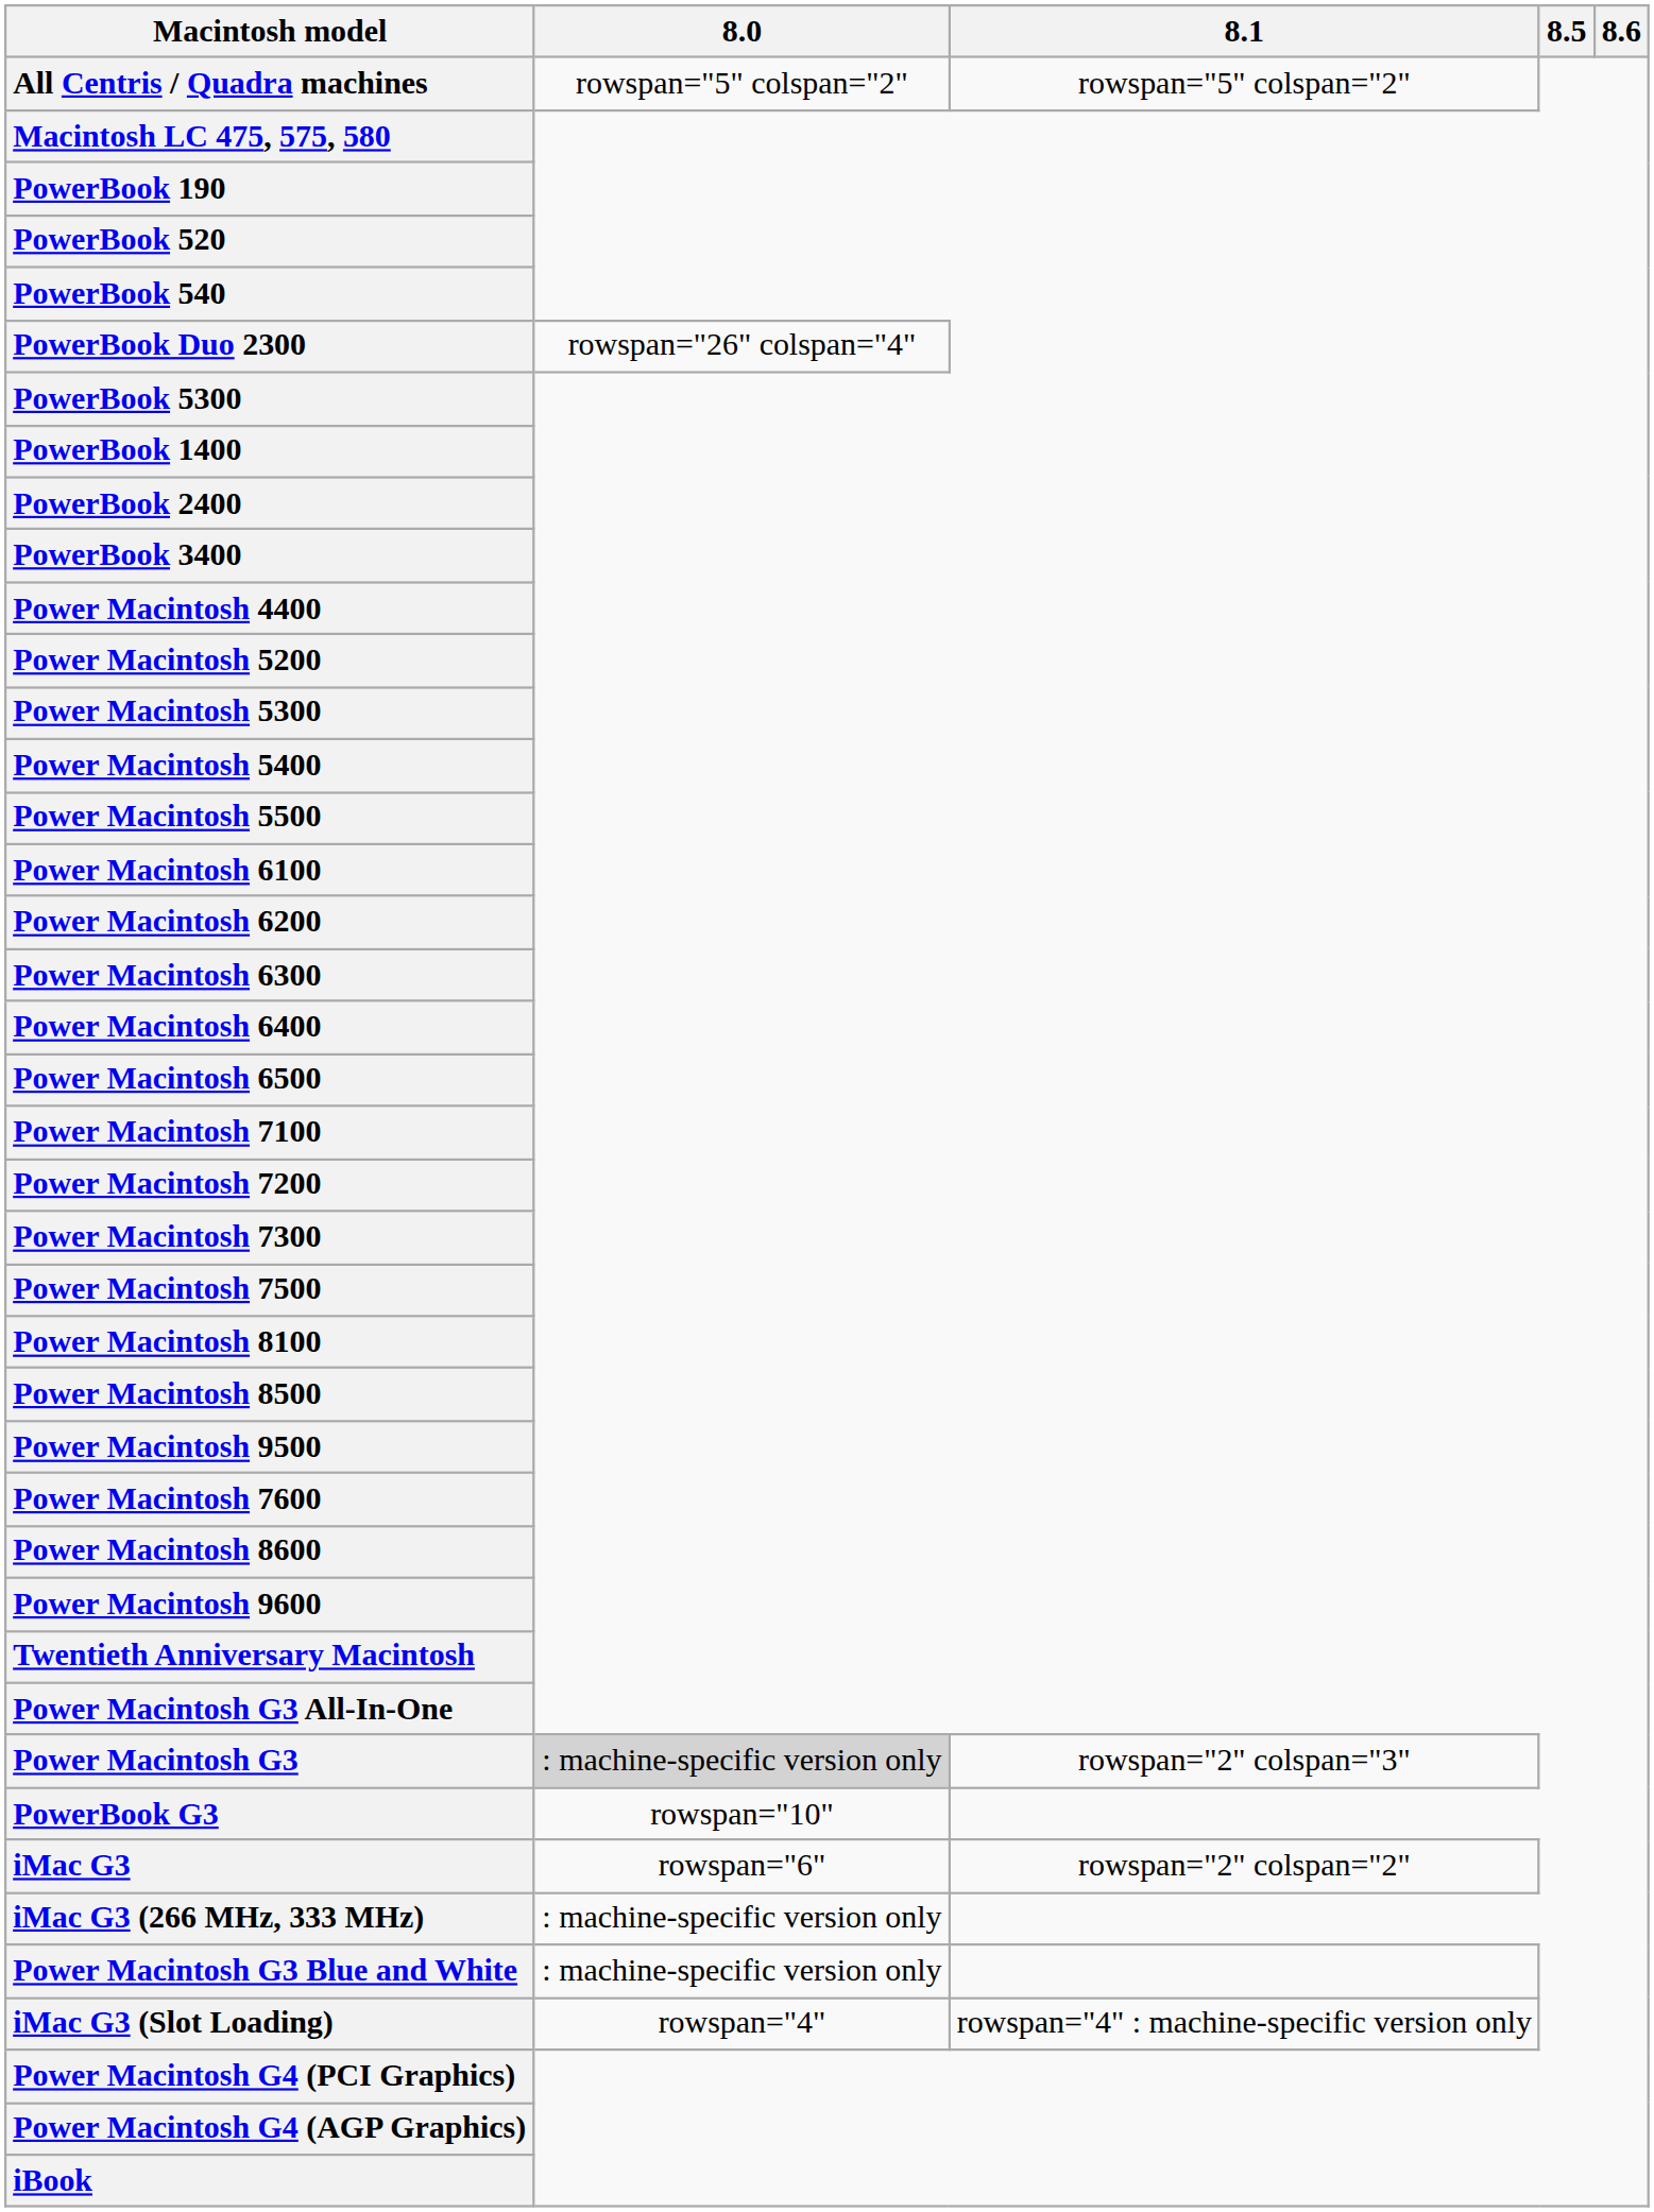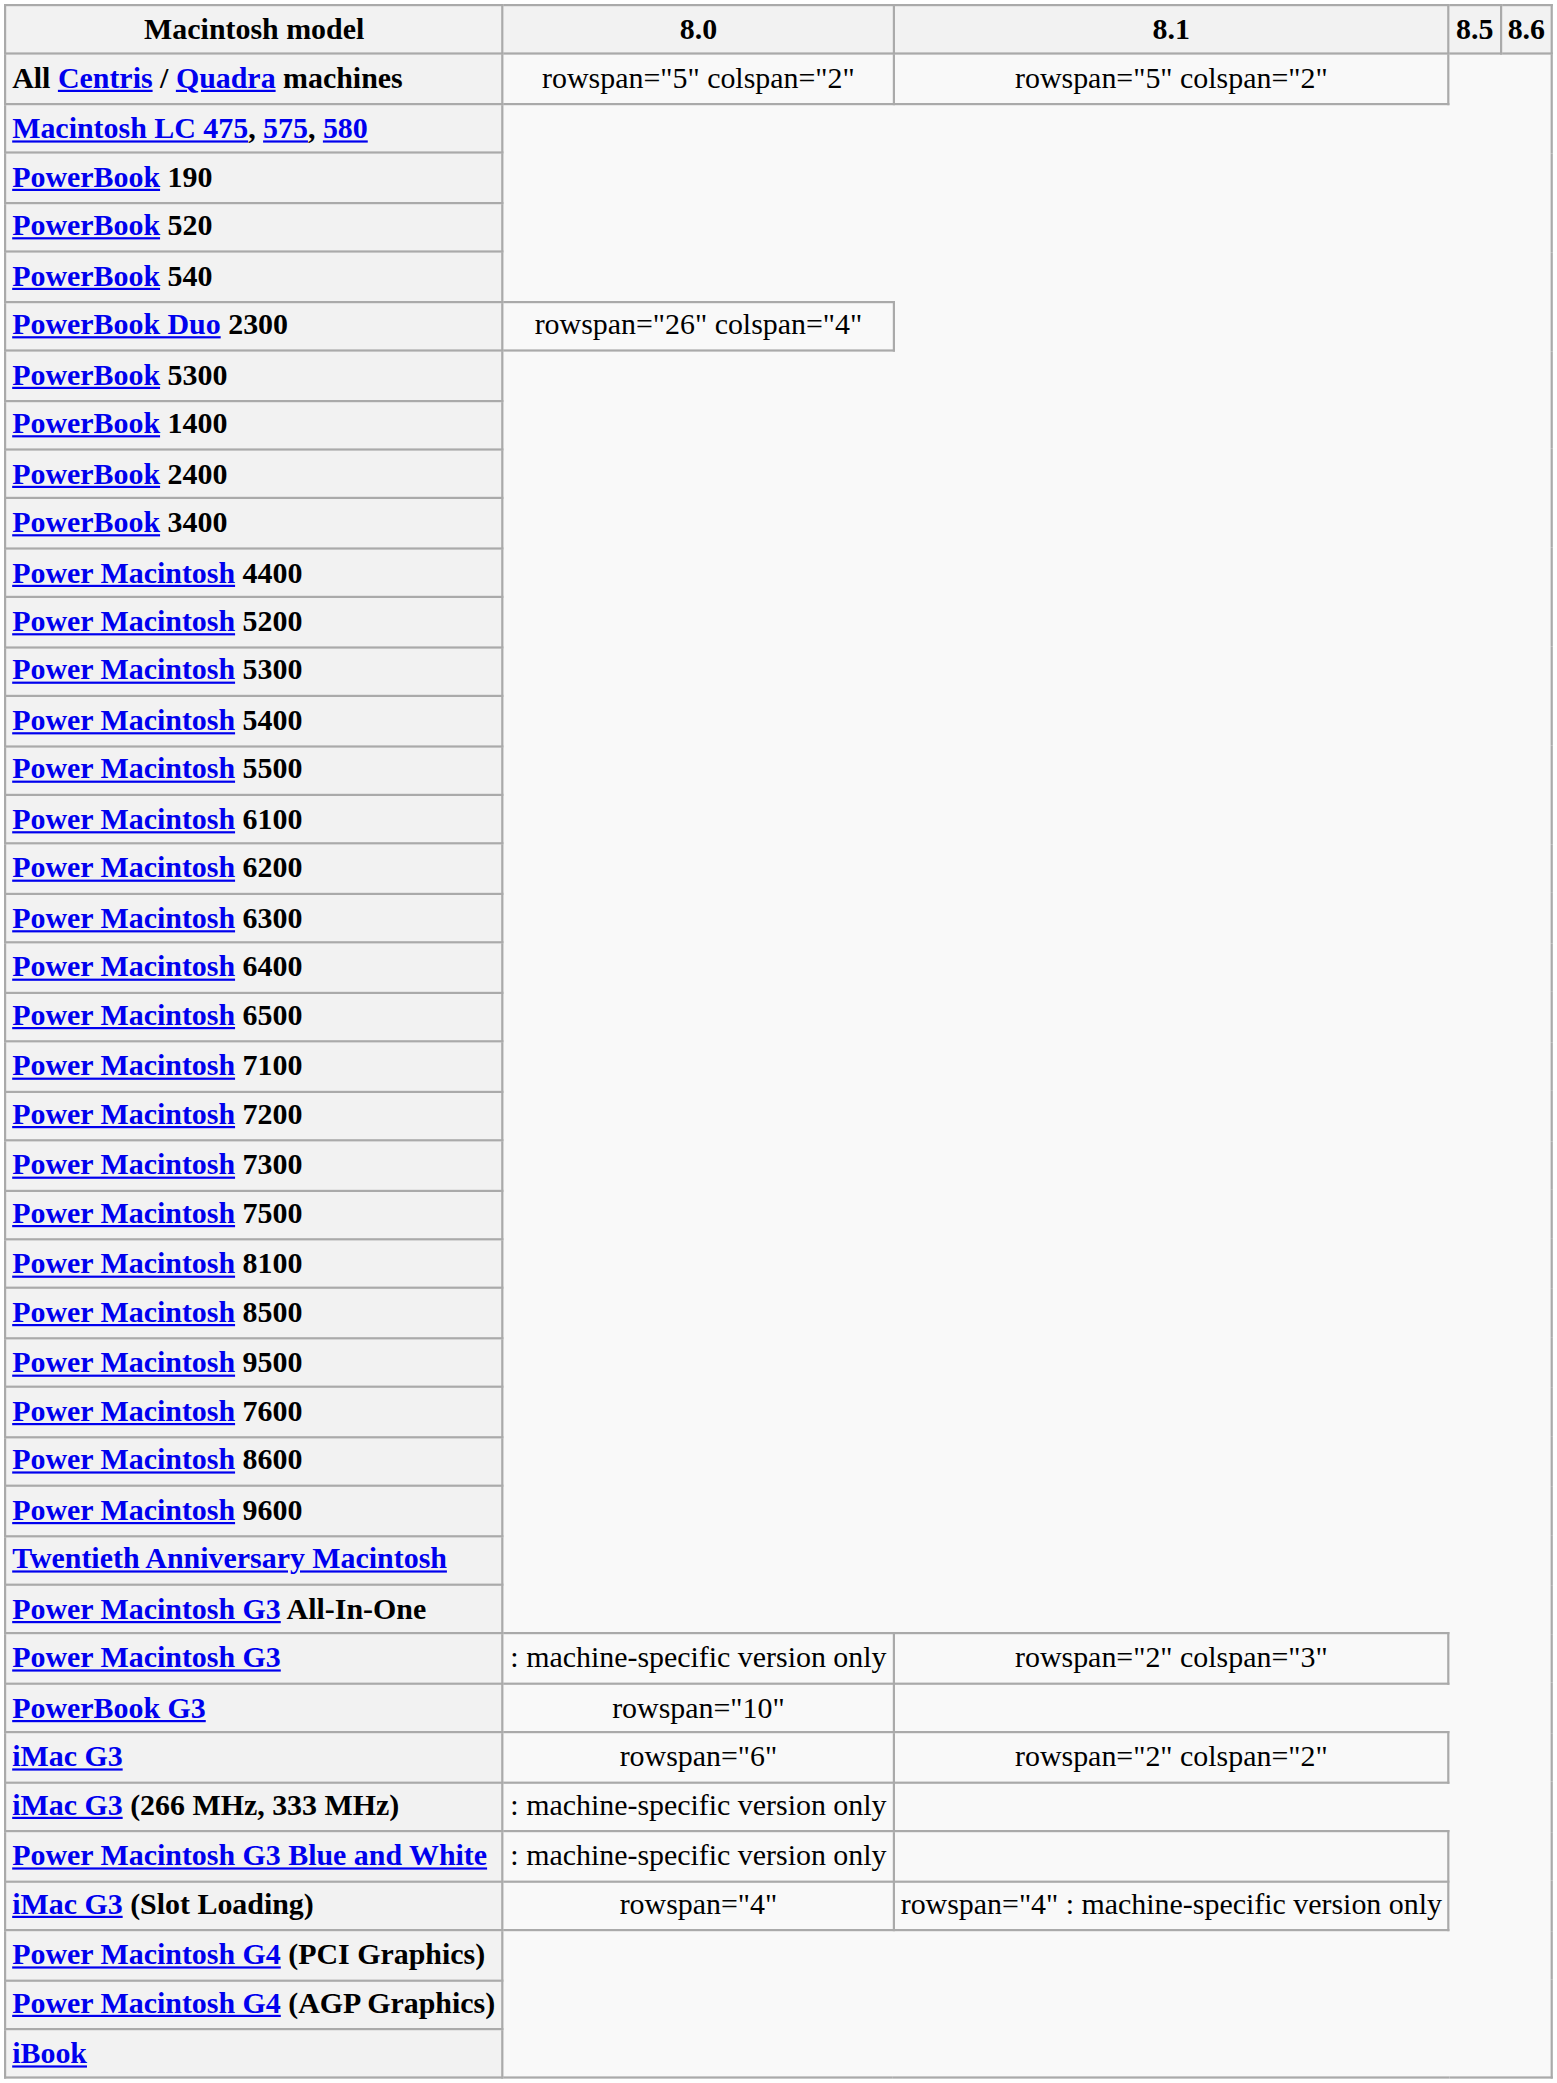 <table class="wikitable" style="font-size:85%; text-align:center;">
 <tr>
 <th style="width:220px">Macintosh model</th>
 <th>8.0</th>
 <th>8.1</th>
 <th>8.5</th>
 <th>8.6</th>
 </tr>
 <tr>
 <th style="text-align: left">All <a href='#'>Centris</a> / <a href='#'>Quadra</a> machines</th>
 <td>rowspan="5" colspan="2" </td>
 <td>rowspan="5" colspan="2" </td>
 </tr>
 <tr>
 <th style="text-align: left"><a href='#'>Macintosh LC 475</a>, <a href='#'>575</a>, <a href='#'>580</a></th>
 </tr>
 <tr>
 <th style="text-align: left"><a href='#'>PowerBook</a> 190</th>
 </tr>
 <tr>
 <th style="text-align: left"><a href='#'>PowerBook</a> 520</th>
 </tr>
 <tr>
 <th style="text-align: left"><a href='#'>PowerBook</a> 540</th>
 </tr>
 <tr>
 <th style="text-align: left"><a href='#'>PowerBook Duo</a> 2300</th>
 <td>rowspan="26" colspan="4" </td>
 </tr>
 <tr>
 <th style="text-align: left"><a href='#'>PowerBook</a> 5300</th>
 </tr>
 <tr>
 <th style="text-align: left"><a href='#'>PowerBook</a> 1400</th>
 </tr>
 <tr>
 <th style="text-align: left"><a href='#'>PowerBook</a> 2400</th>
 </tr>
 <tr>
 <th style="text-align: left"><a href='#'>PowerBook</a> 3400</th>
 </tr>
 <tr>
 <th style="text-align: left"><a href='#'>Power Macintosh</a> 4400</th>
 </tr>
 <tr>
 <th style="text-align: left"><a href='#'>Power Macintosh</a> 5200</th>
 </tr>
 <tr>
 <th style="text-align: left"><a href='#'>Power Macintosh</a> 5300</th>
 </tr>
 <tr>
 <th style="text-align: left"><a href='#'>Power Macintosh</a> 5400</th>
 </tr>
 <tr>
 <th style="text-align: left"><a href='#'>Power Macintosh</a> 5500</th>
 </tr>
 <tr>
 <th style="text-align: left"><a href='#'>Power Macintosh</a> 6100</th>
 </tr>
 <tr>
 <th style="text-align: left"><a href='#'>Power Macintosh</a> 6200</th>
 </tr>
 <tr>
 <th style="text-align: left"><a href='#'>Power Macintosh</a> 6300</th>
 </tr>
 <tr>
 <th style="text-align: left"><a href='#'>Power Macintosh</a> 6400</th>
 </tr>
 <tr>
 <th style="text-align: left"><a href='#'>Power Macintosh</a> 6500</th>
 </tr>
 <tr>
 <th style="text-align: left"><a href='#'>Power Macintosh</a> 7100</th>
 </tr>
 <tr>
 <th style="text-align: left"><a href='#'>Power Macintosh</a> 7200</th>
 </tr>
 <tr>
 <th style="text-align: left"><a href='#'>Power Macintosh</a> 7300</th>
 </tr>
 <tr>
 <th style="text-align: left"><a href='#'>Power Macintosh</a> 7500</th>
 </tr>
 <tr>
 <th style="text-align: left"><a href='#'>Power Macintosh</a> 8100</th>
 </tr>
 <tr>
 <th style="text-align: left"><a href='#'>Power Macintosh</a> 8500</th>
 </tr>
 <tr>
 <th style="text-align: left"><a href='#'>Power Macintosh</a> 9500</th>
 </tr>
 <tr>
 <th style="text-align: left"><a href='#'>Power Macintosh</a> 7600</th>
 </tr>
 <tr>
 <th style="text-align: left"><a href='#'>Power Macintosh</a> 8600</th>
 </tr>
 <tr>
 <th style="text-align: left"><a href='#'>Power Macintosh</a> 9600</th>
 </tr>
 <tr>
 <th style="text-align: left"><a href='#'>Twentieth Anniversary Macintosh</a></th>
 </tr>
 <tr>
 <th style="text-align: left"><a href='#'>Power Macintosh G3</a> All-In-One</th>
 </tr>
 <tr>
 <th style="text-align: left"><a href='#'>Power Macintosh G3</a></th>
-<td style="background: lightgrey;">: machine-specific version only</td>
+<td>: machine-specific version only</td>
 <td>rowspan="2" colspan="3" </td>
 </tr>
 <tr>
 <th style="text-align: left"><a href='#'>PowerBook G3</a></th>
 <td>rowspan="10" </td>
 </tr>
 <tr>
 <th style="text-align: left"><a href='#'>iMac G3</a></th>
 <td>rowspan="6" </td>
 <td>rowspan="2" colspan="2" </td>
 </tr>
 <tr>
 <th style="text-align: left"><a href='#'>iMac G3</a> (266 MHz, 333 MHz)</th>
 <td>: machine-specific version only</td>
 </tr>
 <tr>
 <th style="text-align: left"><a href='#'>Power Macintosh G3 Blue and White</a></th>
 <td>: machine-specific version only</td>
 <td></td>
 </tr>
 <tr>
 <th style="text-align: left"><a href='#'>iMac G3</a> (Slot Loading)</th>
 <td>rowspan="4" </td>
 <td>rowspan="4" : machine-specific version only</td>
 </tr>
 <tr>
 <th style="text-align: left"><a href='#'>Power Macintosh G4</a> (PCI Graphics)</th>
 </tr>
 <tr>
 <th style="text-align: left"><a href='#'>Power Macintosh G4</a> (AGP Graphics)</th>
 </tr>
 <tr>
 <th style="text-align: left"><a href='#'>iBook</a></th>
 </tr>
 </table>
